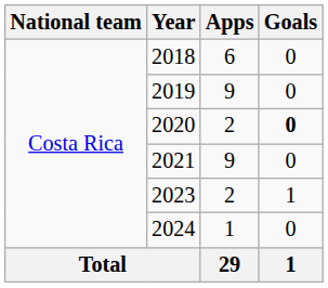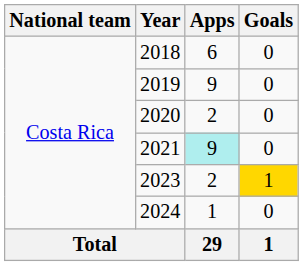 <table class="wikitable" style="text-align:center">
 <tr>
 <th>National team</th>
 <th>Year</th>
 <th>Apps</th>
 <th>Goals</th>
 </tr>
 <tr>
 <td rowspan="6"><a href='#'>Costa Rica</a></td>
 <td>2018</td>
 <td>6</td>
 <td>0</td>
 </tr>
 <tr>
 <td>2019</td>
 <td>9</td>
 <td>0</td>
 </tr>
 <tr>
 <td>2020</td>
 <td>2</td>
-<td><strong>0</strong></td>
+<td>0</td>
 </tr>
 <tr>
 <td>2021</td>
-<td>9</td>
+<td style="background: paleturquoise;">9</td>
 <td>0</td>
 </tr>
 <tr>
 <td>2023</td>
 <td>2</td>
-<td>1</td>
+<td style="background: gold;">1</td>
 </tr>
 <tr>
 <td>2024</td>
 <td>1</td>
 <td>0</td>
 </tr>
 <tr>
 <th colspan="2">Total</th>
 <th>29</th>
 <th>1</th>
 </tr>
 </table>
